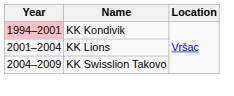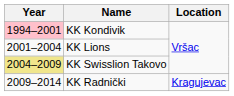 <table class="wikitable">
 <tr>
 <th>Year</th>
 <th>Name</th>
 <th>Location</th>
 </tr>
 <tr>
 <td style="background: pink;">1994–2001</td>
 <td>KK Kondivik</td>
 <td rowspan="3"><a href='#'>Vršac</a></td>
 </tr>
 <tr>
 <td>2001–2004</td>
 <td>KK Lions</td>
 </tr>
 <tr>
-<td>2004–2009</td>
+<td style="background: khaki;">2004–2009</td>
 <td>KK Swisslion Takovo</td>
 </tr>
+<tr>
+<td>2009–2014</td>
+<td>KK Radnički</td>
+<td><a href='#'>Kragujevac</a></td>
+</tr>
 </table>
